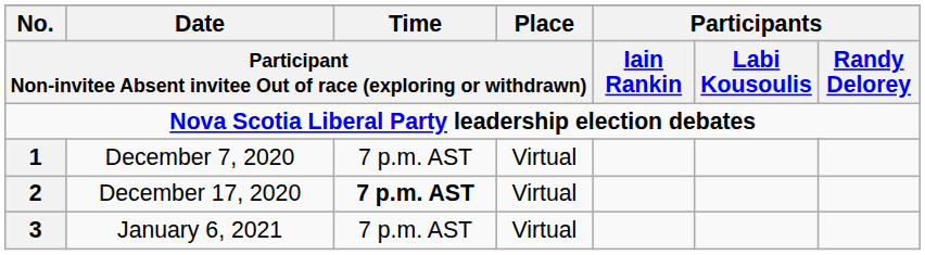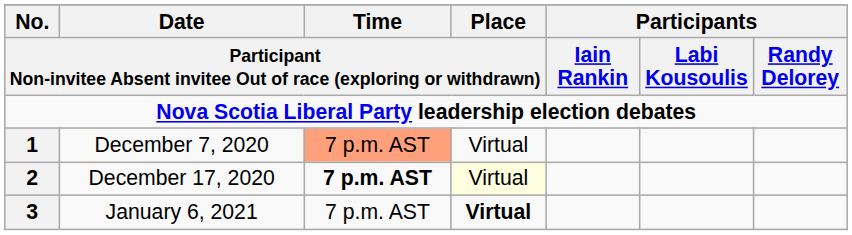 <table class="wikitable" style="font-size:85%; text-align:center;">
 <tr>
 </tr>
 <tr>
 <th style="white-space:nowrap;">No.</th>
 <th>Date</th>
 <th>Time</th>
 <th>Place</th>
 <th scope="col" colspan="5">Participants</th>
 </tr>
 <tr>
 <th colspan="4"><small> Participant <br>  Non-invitee  Absent invitee  Out of race (exploring or withdrawn)</small></th>
 <th scope="col" style="width:4em;"><a href='#'>Iain Rankin</a></th>
 <th scope="col" style="width:4em;"><a href='#'>Labi Kousoulis</a></th>
 <th scope="col" style="width:4em;"><a href='#'>Randy Delorey</a></th>
 </tr>
 <tr>
 <td colspan="9" style="background:#F9F9F9; color:black; vertical-align: top; text-align: center;" class="table-no"><strong><a href='#'>Nova Scotia Liberal Party</a> leadership election debates</strong></td>
 </tr>
 <tr>
 <th>1</th>
 <td style="white-space:nowrap;">December 7, 2020</td>
-<td style="white-space:nowrap;">7 p.m. AST</td>
+<td style="background: lightsalmon; white-space:nowrap;">7 p.m. AST</td>
 <td style="white-space:nowrap;">Virtual</td>
 <td></td>
 <td></td>
 <td></td>
 </tr>
 <tr>
 <th>2</th>
 <td style="white-space:nowrap;">December 17, 2020</td>
 <td style="white-space:nowrap;"><strong>7 p.m. AST</strong></td>
-<td style="white-space:nowrap;">Virtual</td>
+<td style="background: lightyellow; white-space:nowrap;">Virtual</td>
 <td></td>
 <td></td>
 <td></td>
 </tr>
 <tr>
 <th>3</th>
 <td style="white-space:nowrap;">January 6, 2021</td>
 <td style="white-space:nowrap;">7 p.m. AST</td>
-<td style="white-space:nowrap;">Virtual</td>
+<td style="white-space:nowrap;"><strong>Virtual</strong></td>
 <td></td>
 <td></td>
 <td></td>
 </tr>
 </table>
